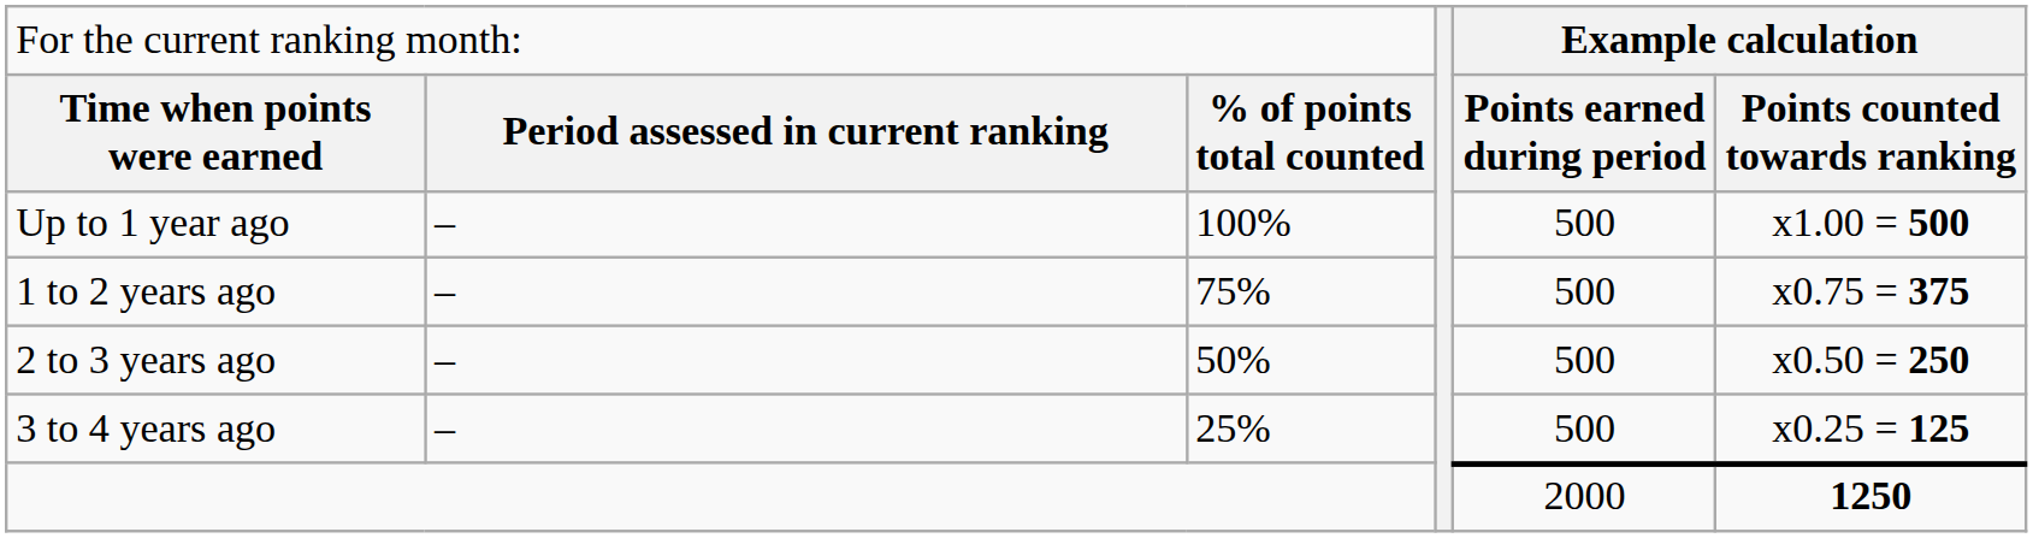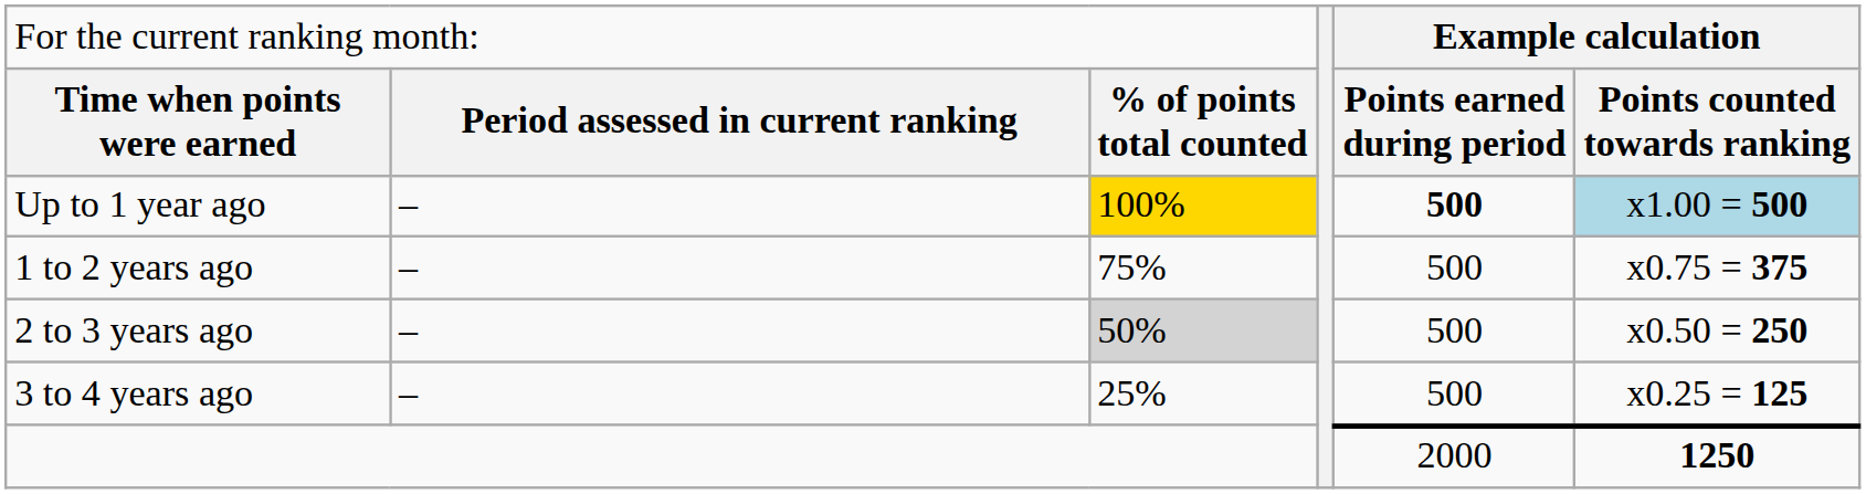 <table class="wikitable" style="font-size:90%">
 <tr>
 <td colspan=3>For the current ranking month: <strong></strong></td>
 <th rowspan=7></th>
 <th colspan=2>Example calculation</th>
 </tr>
 <tr>
 <th width=140>Time when points were earned</th>
 <th width=260>Period assessed in current ranking</th>
 <th>% of points<br>total counted</th>
 <th>Points earned<br>during period</th>
 <th>Points counted<br>towards ranking</th>
 </tr>
 <tr>
 <td>Up to 1 year ago</td>
 <td>  – </td>
-<td>100%</td>
-<td align=center>500</td>
-<td align=center>x1.00 = <strong>500</strong></td>
+<td style="background: gold;">100%</td>
+<td align=center><strong>500</strong></td>
+<td align=center style="background: lightblue;">x1.00 = <strong>500</strong></td>
 </tr>
 <tr>
 <td>1 to 2 years ago</td>
 <td>  – </td>
 <td>75%</td>
 <td align=center>500</td>
 <td align=center>x0.75 = <strong>375</strong></td>
 </tr>
 <tr>
 <td>2 to 3 years ago</td>
 <td>  – </td>
-<td>50%</td>
+<td style="background: lightgrey;">50%</td>
 <td align=center>500</td>
 <td align=center>x0.50 = <strong>250</strong></td>
 </tr>
 <tr>
 <td>3 to 4 years ago</td>
 <td>  – </td>
 <td>25%</td>
 <td align=center>500</td>
 <td align=center>x0.25 = <strong>125</strong></td>
 </tr>
 <tr>
 <td colspan=3></td>
 <td style="border-top: 2px solid black" align=center>2000</td>
 <td style="border-top: 2px solid black" align=center><strong>1250</strong></td>
 </tr>
 </table>
